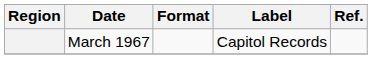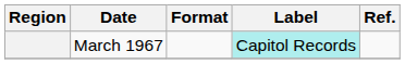 <table class="wikitable plainrowheaders">
 <tr>
 <th scope="col">Region</th>
 <th scope="col">Date</th>
 <th scope="col">Format</th>
 <th scope="col">Label</th>
 <th scope="col">Ref.</th>
 </tr>
 <tr>
 <th scope="row"></th>
 <td>March 1967</td>
 <td></td>
-<td>Capitol Records</td>
+<td style="background: paleturquoise;">Capitol Records</td>
 <td></td>
 </tr>
 <tr>
 </tr>
 </table>
